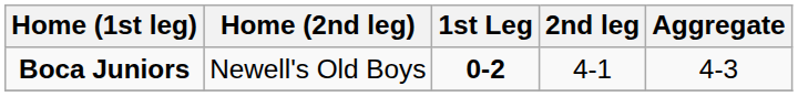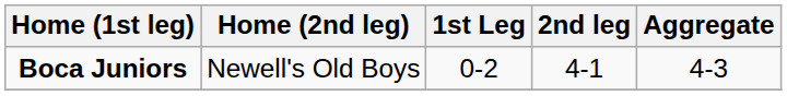 <table class="wikitable" style="text-align: center;">
 <tr>
 <th>Home (1st leg)</th>
 <th>Home (2nd leg)</th>
 <th>1st Leg</th>
 <th>2nd leg</th>
 <th>Aggregate</th>
 </tr>
 <tr>
 <td><strong>Boca Juniors</strong></td>
 <td>Newell's Old Boys</td>
-<td><strong>0-2</strong></td>
+<td>0-2</td>
 <td>4-1</td>
 <td>4-3</td>
 </tr>
 <tr>
 </tr>
 </table>
